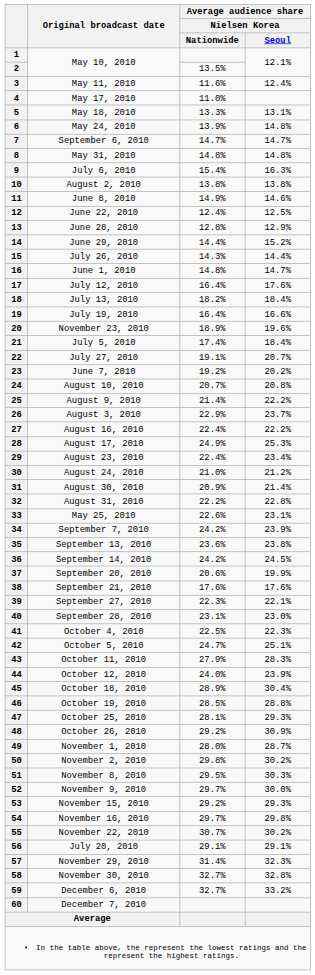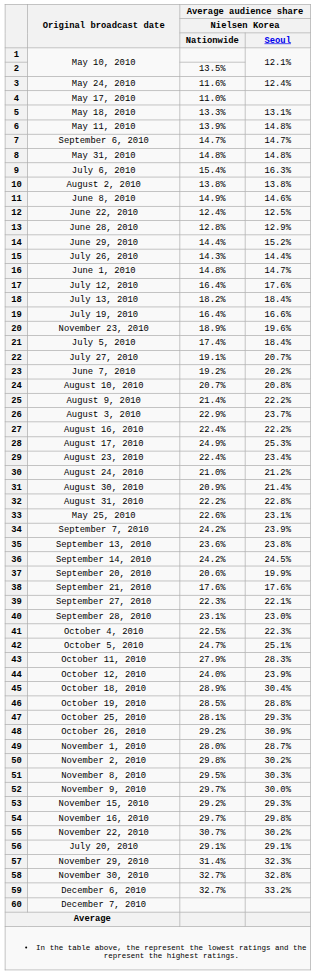 <table class="wikitable" style="text-align:center; max-width:450px; margin-left:auto; margin-right:auto">
 <tr>
 <th rowspan="3"></th>
 <th rowspan="3">Original broadcast date</th>
 <th colspan="2">Average audience share</th>
 </tr>
 <tr>
 <th colspan="2">Nielsen Korea</th>
 </tr>
 <tr>
 <th width="90">Nationwide</th>
 <th width="90"><a href='#'>Seoul</a></th>
 </tr>
 <tr>
 <th>1</th>
 <td rowspan="2">May 10, 2010</td>
 <td><strong></strong></td>
 <td rowspan="2">12.1%</td>
 </tr>
 <tr>
 <th>2</th>
 <td>13.5%</td>
 </tr>
 <tr>
 <th>3</th>
-<td>May 11, 2010</td>
+<td>May 24, 2010</td>
 <td>11.6%</td>
 <td>12.4%</td>
 </tr>
 <tr>
 <th>4</th>
 <td>May 17, 2010</td>
 <td>11.0%</td>
 <td><strong></strong></td>
 </tr>
 <tr>
 <th>5</th>
 <td>May 18, 2010</td>
 <td>13.3%</td>
 <td>13.1%</td>
 </tr>
 <tr>
 <th>6</th>
-<td>May 24, 2010</td>
+<td>May 11, 2010</td>
 <td>13.9%</td>
 <td>14.8%</td>
 </tr>
 <tr>
 <th>7</th>
 <td>September 6, 2010</td>
 <td>14.7%</td>
 <td>14.7%</td>
 </tr>
 <tr>
 <th>8</th>
 <td>May 31, 2010</td>
 <td>14.8%</td>
 <td>14.8%</td>
 </tr>
 <tr>
 <th>9</th>
 <td>July 6, 2010</td>
 <td>15.4%</td>
 <td>16.3%</td>
 </tr>
 <tr>
 <th>10</th>
 <td>August 2, 2010</td>
 <td>13.8%</td>
 <td>13.8%</td>
 </tr>
 <tr>
 <th>11</th>
 <td>June 8, 2010</td>
 <td>14.9%</td>
 <td>14.6%</td>
 </tr>
 <tr>
 <th>12</th>
 <td>June 22, 2010</td>
 <td>12.4%</td>
 <td>12.5%</td>
 </tr>
 <tr>
 <th>13</th>
 <td>June 28, 2010</td>
 <td>12.8%</td>
 <td>12.9%</td>
 </tr>
 <tr>
 <th>14</th>
 <td>June 29, 2010</td>
 <td>14.4%</td>
 <td>15.2%</td>
 </tr>
 <tr>
 <th>15</th>
 <td>July 26, 2010</td>
 <td>14.3%</td>
 <td>14.4%</td>
 </tr>
 <tr>
 <th>16</th>
 <td>June 1, 2010</td>
 <td>14.8%</td>
 <td>14.7%</td>
 </tr>
 <tr>
 <th>17</th>
 <td>July 12, 2010</td>
 <td>16.4%</td>
 <td>17.6%</td>
 </tr>
 <tr>
 <th>18</th>
 <td>July 13, 2010</td>
 <td>18.2%</td>
 <td>18.4%</td>
 </tr>
 <tr>
 <th>19</th>
 <td>July 19, 2010</td>
 <td>16.4%</td>
 <td>16.6%</td>
 </tr>
 <tr>
 <th>20</th>
 <td>November 23, 2010</td>
 <td>18.9%</td>
 <td>19.6%</td>
 </tr>
 <tr>
 <th>21</th>
 <td>July 5, 2010</td>
 <td>17.4%</td>
 <td>18.4%</td>
 </tr>
 <tr>
 <th>22</th>
 <td>July 27, 2010</td>
 <td>19.1%</td>
 <td>20.7%</td>
 </tr>
 <tr>
 <th>23</th>
 <td>June 7, 2010</td>
 <td>19.2%</td>
 <td>20.2%</td>
 </tr>
 <tr>
 <th>24</th>
 <td>August 10, 2010</td>
 <td>20.7%</td>
 <td>20.8%</td>
 </tr>
 <tr>
 <th>25</th>
 <td>August 9, 2010</td>
 <td>21.4%</td>
 <td>22.2%</td>
 </tr>
 <tr>
 <th>26</th>
 <td>August 3, 2010</td>
 <td>22.9%</td>
 <td>23.7%</td>
 </tr>
 <tr>
 <th>27</th>
 <td>August 16, 2010</td>
 <td>22.4%</td>
 <td>22.2%</td>
 </tr>
 <tr>
 <th>28</th>
 <td>August 17, 2010</td>
 <td>24.9%</td>
 <td>25.3%</td>
 </tr>
 <tr>
 <th>29</th>
 <td>August 23, 2010</td>
 <td>22.4%</td>
 <td>23.4%</td>
 </tr>
 <tr>
 <th>30</th>
 <td>August 24, 2010</td>
 <td>21.0%</td>
 <td>21.2%</td>
 </tr>
 <tr>
 <th>31</th>
 <td>August 30, 2010</td>
 <td>20.9%</td>
 <td>21.4%</td>
 </tr>
 <tr>
 <th>32</th>
 <td>August 31, 2010</td>
 <td>22.2%</td>
 <td>22.8%</td>
 </tr>
 <tr>
 <th>33</th>
 <td>May 25, 2010</td>
 <td>22.6%</td>
 <td>23.1%</td>
 </tr>
 <tr>
 <th>34</th>
 <td>September 7, 2010</td>
 <td>24.2%</td>
 <td>23.9%</td>
 </tr>
 <tr>
 <th>35</th>
 <td>September 13, 2010</td>
 <td>23.6%</td>
 <td>23.8%</td>
 </tr>
 <tr>
 <th>36</th>
 <td>September 14, 2010</td>
 <td>24.2%</td>
 <td>24.5%</td>
 </tr>
 <tr>
 <th>37</th>
 <td>September 20, 2010</td>
 <td>20.6%</td>
 <td>19.9%</td>
 </tr>
 <tr>
 <th>38</th>
 <td>September 21, 2010</td>
 <td>17.6%</td>
 <td>17.6%</td>
 </tr>
 <tr>
 <th>39</th>
 <td>September 27, 2010</td>
 <td>22.3%</td>
 <td>22.1%</td>
 </tr>
 <tr>
 <th>40</th>
 <td>September 28, 2010</td>
 <td>23.1%</td>
 <td>23.0%</td>
 </tr>
 <tr>
 <th>41</th>
 <td>October 4, 2010</td>
 <td>22.5%</td>
 <td>22.3%</td>
 </tr>
 <tr>
 <th>42</th>
 <td>October 5, 2010</td>
 <td>24.7%</td>
 <td>25.1%</td>
 </tr>
 <tr>
 <th>43</th>
 <td>October 11, 2010</td>
 <td>27.9%</td>
 <td>28.3%</td>
 </tr>
 <tr>
 <th>44</th>
 <td>October 12, 2010</td>
 <td>24.0%</td>
 <td>23.9%</td>
 </tr>
 <tr>
 <th>45</th>
 <td>October 18, 2010</td>
 <td>28.9%</td>
 <td>30.4%</td>
 </tr>
 <tr>
 <th>46</th>
 <td>October 19, 2010</td>
 <td>28.5%</td>
 <td>28.8%</td>
 </tr>
 <tr>
 <th>47</th>
 <td>October 25, 2010</td>
 <td>28.1%</td>
 <td>29.3%</td>
 </tr>
 <tr>
 <th>48</th>
 <td>October 26, 2010</td>
 <td>29.2%</td>
 <td>30.9%</td>
 </tr>
 <tr>
 <th>49</th>
 <td>November 1, 2010</td>
 <td>28.0%</td>
 <td>28.7%</td>
 </tr>
 <tr>
 <th>50</th>
 <td>November 2, 2010</td>
 <td>29.8%</td>
 <td>30.2%</td>
 </tr>
 <tr>
 <th>51</th>
 <td>November 8, 2010</td>
 <td>29.5%</td>
 <td>30.3%</td>
 </tr>
 <tr>
 <th>52</th>
 <td>November 9, 2010</td>
 <td>29.7%</td>
 <td>30.0%</td>
 </tr>
 <tr>
 <th>53</th>
 <td>November 15, 2010</td>
 <td>29.2%</td>
 <td>29.3%</td>
 </tr>
 <tr>
 <th>54</th>
 <td>November 16, 2010</td>
 <td>29.7%</td>
 <td>29.8%</td>
 </tr>
 <tr>
 <th>55</th>
 <td>November 22, 2010</td>
 <td>30.7%</td>
 <td>30.2%</td>
 </tr>
 <tr>
 <th>56</th>
 <td>July 20, 2010</td>
 <td>29.1%</td>
 <td>29.1%</td>
 </tr>
 <tr>
 <th>57</th>
 <td>November 29, 2010</td>
 <td>31.4%</td>
 <td>32.3%</td>
 </tr>
 <tr>
 <th>58</th>
 <td>November 30, 2010</td>
 <td>32.7%</td>
 <td>32.8%</td>
 </tr>
 <tr>
 <th>59</th>
 <td>December 6, 2010</td>
 <td>32.7%</td>
 <td>33.2%</td>
 </tr>
 <tr>
 <th>60</th>
 <td>December 7, 2010</td>
 <td><strong></strong></td>
 <td><strong></strong></td>
 </tr>
 <tr>
 <th colspan="2">Average</th>
 <th></th>
 <th></th>
 </tr>
 <tr>
 <td colspan="4" style="font-size:85%"><br><ul><li>In the table above, the <strong></strong> represent the lowest ratings and the <strong></strong> represent the highest ratings.</li></ul></td>
 </tr>
 </table>
